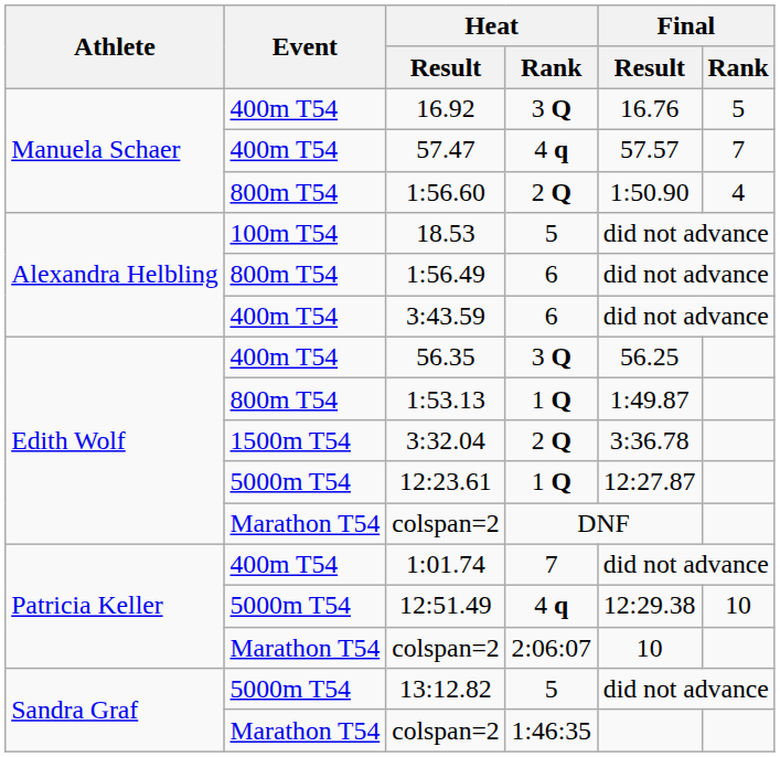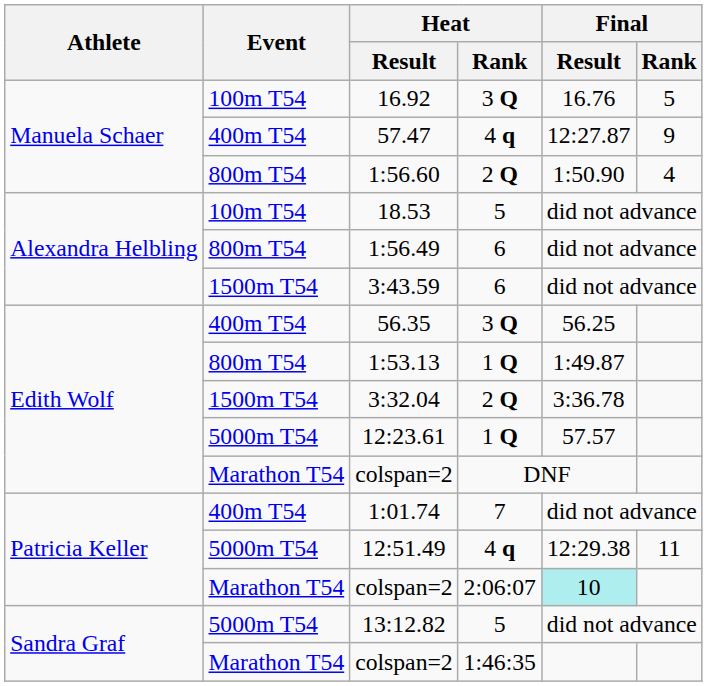 <table class="wikitable">
 <tr>
 <th rowspan="2">Athlete</th>
 <th rowspan="2">Event</th>
 <th colspan="2">Heat</th>
 <th colspan="2">Final</th>
 </tr>
 <tr>
 <th>Result</th>
 <th>Rank</th>
 <th>Result</th>
 <th>Rank</th>
 </tr>
 <tr align=center>
 <td align=left rowspan=3><a href='#'>Manuela Schaer</a></td>
-<td align=left><a href='#'>400m T54</a></td>
+<td align=left><a href='#'>100m T54</a></td>
 <td>16.92</td>
 <td>3 <strong>Q</strong></td>
 <td>16.76</td>
 <td>5</td>
 </tr>
 <tr align=center>
 <td align=left><a href='#'>400m T54</a></td>
 <td>57.47</td>
 <td>4 <strong>q</strong></td>
-<td>57.57</td>
-<td>7</td>
+<td>12:27.87</td>
+<td>9</td>
 </tr>
 <tr align=center>
 <td align=left><a href='#'>800m T54</a></td>
 <td>1:56.60</td>
 <td>2 <strong>Q</strong></td>
 <td>1:50.90</td>
 <td>4</td>
 </tr>
 <tr align=center>
 <td align=left rowspan=3><a href='#'>Alexandra Helbling</a></td>
 <td align=left><a href='#'>100m T54</a></td>
 <td>18.53</td>
 <td>5</td>
 <td colspan=2>did not advance</td>
 </tr>
 <tr align=center>
 <td align=left><a href='#'>800m T54</a></td>
 <td>1:56.49</td>
 <td>6</td>
 <td colspan=2>did not advance</td>
 </tr>
 <tr align=center>
-<td align=left><a href='#'>400m T54</a></td>
+<td align=left><a href='#'>1500m T54</a></td>
 <td>3:43.59</td>
 <td>6</td>
 <td colspan=2>did not advance</td>
 </tr>
 <tr align=center>
 <td align=left rowspan=5><a href='#'>Edith Wolf</a></td>
 <td align=left><a href='#'>400m T54</a></td>
 <td>56.35</td>
 <td>3 <strong>Q</strong></td>
 <td>56.25</td>
 <td></td>
 </tr>
 <tr align=center>
 <td align=left><a href='#'>800m T54</a></td>
 <td>1:53.13</td>
 <td>1 <strong>Q</strong></td>
 <td>1:49.87</td>
 <td></td>
 </tr>
 <tr align=center>
 <td align=left><a href='#'>1500m T54</a></td>
 <td>3:32.04</td>
 <td>2 <strong>Q</strong></td>
 <td>3:36.78</td>
 <td></td>
 </tr>
 <tr align=center>
 <td align=left><a href='#'>5000m T54</a></td>
 <td>12:23.61</td>
 <td>1 <strong>Q</strong></td>
-<td>12:27.87</td>
+<td>57.57</td>
 <td></td>
 </tr>
 <tr align=center>
 <td align=left><a href='#'>Marathon T54</a></td>
 <td>colspan=2 </td>
 <td colspan=2>DNF</td>
 </tr>
 <tr align=center>
 <td align=left rowspan=3><a href='#'>Patricia Keller</a></td>
 <td align=left><a href='#'>400m T54</a></td>
 <td>1:01.74</td>
 <td>7</td>
 <td colspan=2>did not advance</td>
 </tr>
 <tr align=center>
 <td align=left><a href='#'>5000m T54</a></td>
 <td>12:51.49</td>
 <td>4 <strong>q</strong></td>
 <td>12:29.38</td>
-<td>10</td>
+<td>11</td>
 </tr>
 <tr align=center>
 <td align=left><a href='#'>Marathon T54</a></td>
 <td>colspan=2 </td>
 <td>2:06:07</td>
-<td>10</td>
+<td style="background: paleturquoise;">10</td>
 </tr>
 <tr align=center>
 <td align=left rowspan=2><a href='#'>Sandra Graf</a></td>
 <td align=left><a href='#'>5000m T54</a></td>
 <td>13:12.82</td>
 <td>5</td>
 <td colspan=2>did not advance</td>
 </tr>
 <tr align=center>
 <td align=left><a href='#'>Marathon T54</a></td>
 <td>colspan=2 </td>
 <td>1:46:35</td>
 <td></td>
 </tr>
 </table>
